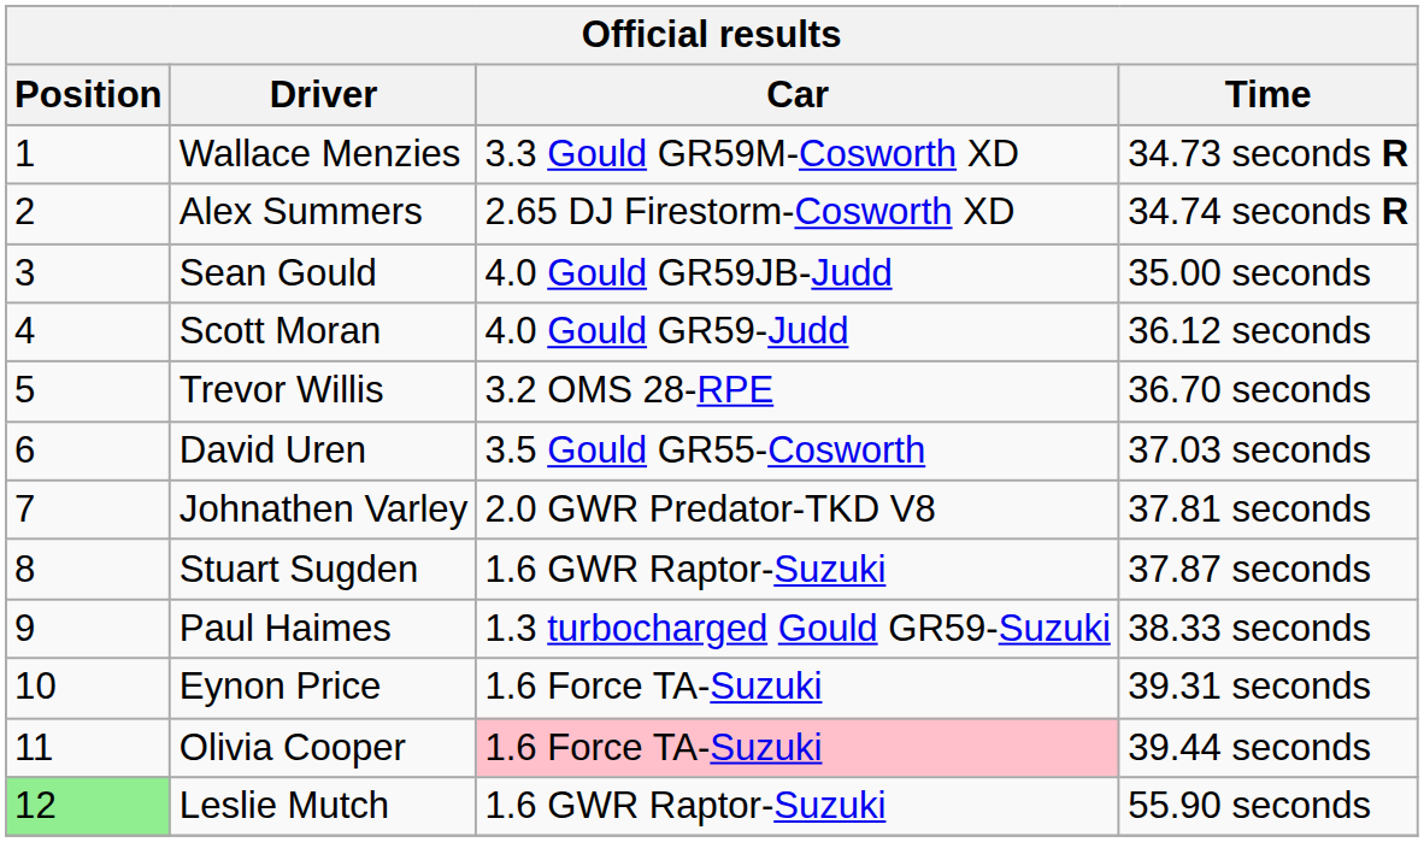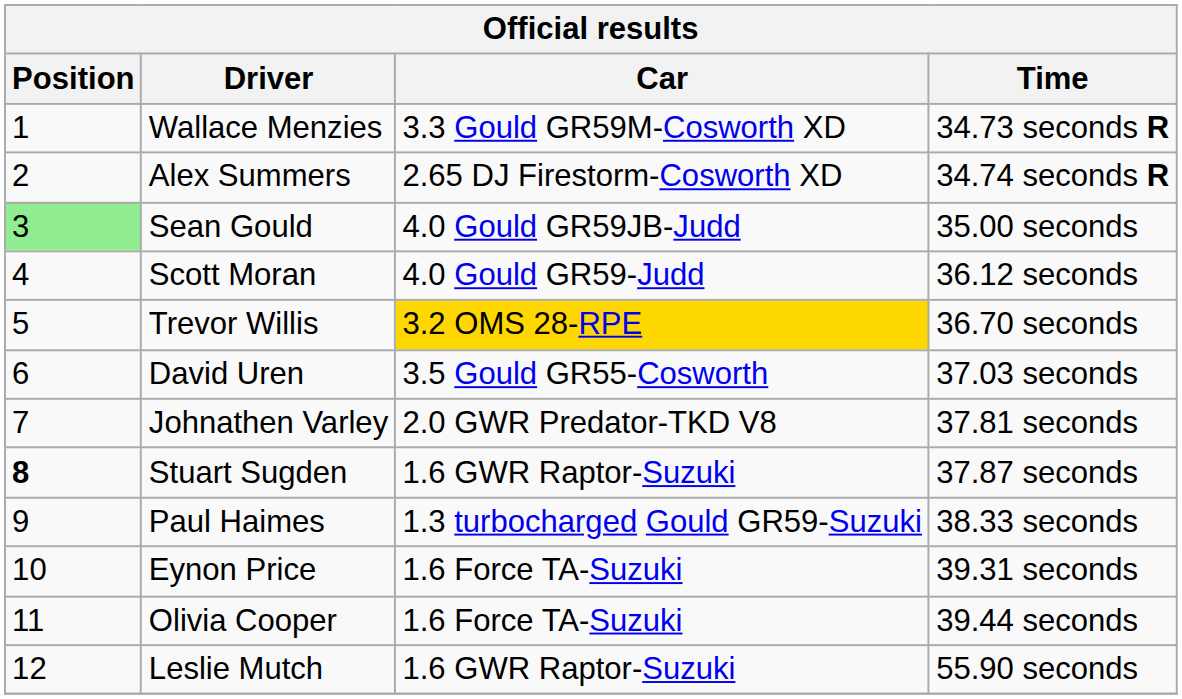 <table class="wikitable" style="font-size: 100%">
 <tr>
 <th colspan=4>Official results</th>
 </tr>
 <tr>
 <th>Position</th>
 <th>Driver</th>
 <th>Car</th>
 <th>Time</th>
 </tr>
 <tr>
 <td>1</td>
 <td>Wallace Menzies</td>
 <td>3.3 <a href='#'>Gould</a> GR59M-<a href='#'>Cosworth</a> XD</td>
 <td>34.73 seconds <strong>R</strong></td>
 </tr>
 <tr>
 <td>2</td>
 <td>Alex Summers</td>
 <td>2.65 DJ Firestorm-<a href='#'>Cosworth</a> XD</td>
 <td>34.74 seconds <strong>R</strong></td>
 </tr>
 <tr>
-<td>3</td>
+<td style="background: lightgreen;">3</td>
 <td>Sean Gould</td>
 <td>4.0 <a href='#'>Gould</a> GR59JB-<a href='#'>Judd</a></td>
 <td>35.00 seconds</td>
 </tr>
 <tr>
 <td>4</td>
 <td>Scott Moran</td>
 <td>4.0 <a href='#'>Gould</a> GR59-<a href='#'>Judd</a></td>
 <td>36.12 seconds</td>
 </tr>
 <tr>
 <td>5</td>
 <td>Trevor Willis</td>
-<td>3.2 OMS 28-<a href='#'>RPE</a></td>
+<td style="background: gold;">3.2 OMS 28-<a href='#'>RPE</a></td>
 <td>36.70 seconds</td>
 </tr>
 <tr>
 <td>6</td>
 <td>David Uren</td>
 <td>3.5 <a href='#'>Gould</a> GR55-<a href='#'>Cosworth</a></td>
 <td>37.03 seconds</td>
 </tr>
 <tr>
 <td>7</td>
 <td>Johnathen Varley</td>
 <td>2.0 GWR Predator-TKD V8</td>
 <td>37.81 seconds</td>
 </tr>
 <tr>
-<td>8</td>
+<td><strong>8</strong></td>
 <td>Stuart Sugden</td>
 <td>1.6 GWR Raptor-<a href='#'>Suzuki</a></td>
 <td>37.87 seconds</td>
 </tr>
 <tr>
 <td>9</td>
 <td>Paul Haimes</td>
 <td>1.3 <a href='#'>turbocharged</a> <a href='#'>Gould</a> GR59-<a href='#'>Suzuki</a></td>
 <td>38.33 seconds</td>
 </tr>
 <tr>
 <td>10</td>
 <td>Eynon Price</td>
 <td>1.6 Force TA-<a href='#'>Suzuki</a></td>
 <td>39.31 seconds</td>
 </tr>
 <tr>
 <td>11</td>
 <td>Olivia Cooper</td>
-<td style="background: pink;">1.6 Force TA-<a href='#'>Suzuki</a></td>
+<td>1.6 Force TA-<a href='#'>Suzuki</a></td>
 <td>39.44 seconds</td>
 </tr>
 <tr>
-<td style="background: lightgreen;">12</td>
+<td>12</td>
 <td>Leslie Mutch</td>
 <td>1.6 GWR Raptor-<a href='#'>Suzuki</a></td>
 <td>55.90 seconds</td>
 </tr>
 <tr>
 </tr>
 </table>
